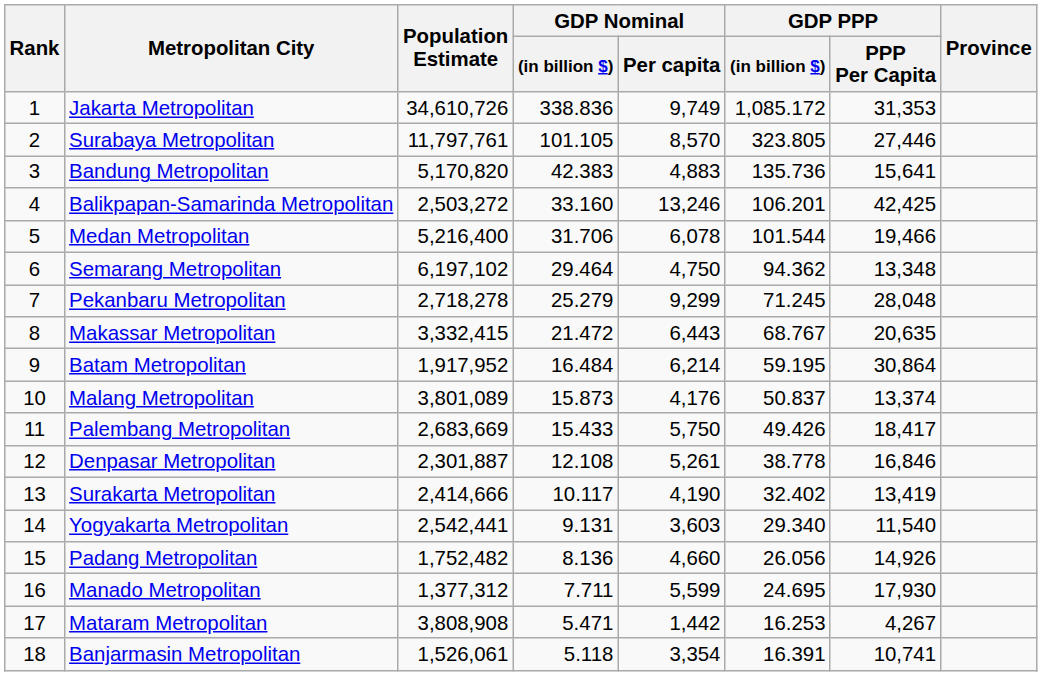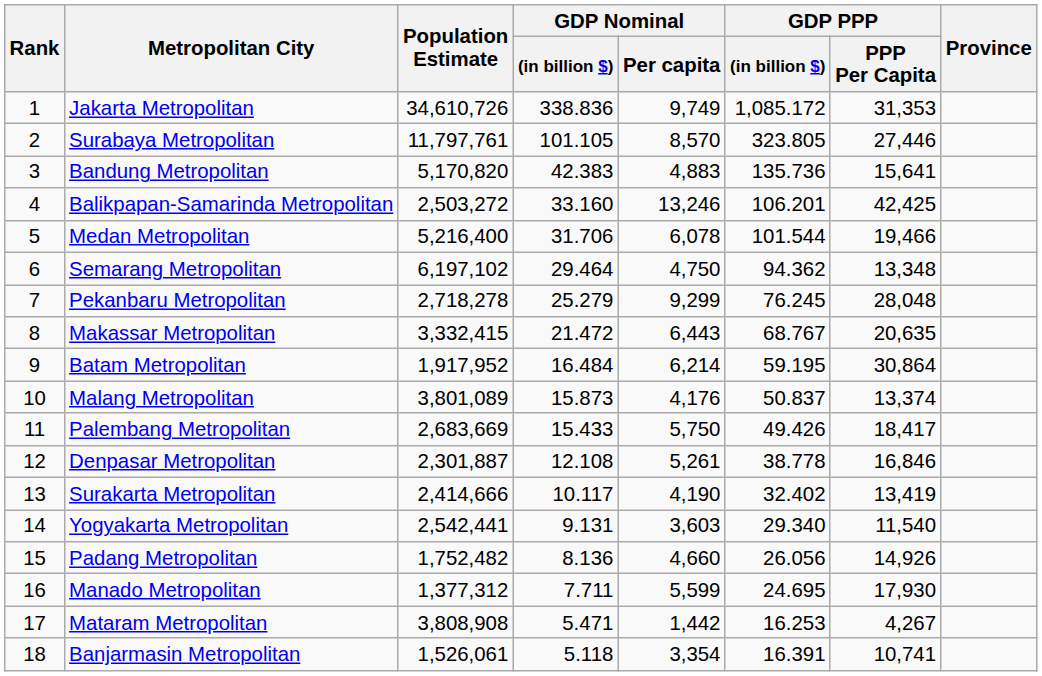 <table class="wikitable sortable sticky-header-multi" style="text-align:center; font-size:85%;">
 <tr>
 <th rowspan="2">Rank</th>
 <th rowspan="2">Metropolitan City</th>
 <th rowspan="2">Population <br>Estimate</th>
 <th scope="col" colspan="2">GDP Nominal</th>
 <th scope="col" colspan="2">GDP PPP</th>
 <th rowspan="2">Province</th>
 </tr>
 <tr>
 <th scope="col"><small>(in billion <a href='#'>$</a>)</small></th>
 <th>Per capita</th>
 <th scope="col"><small>(in billion <a href='#'>$</a>)</small></th>
 <th>PPP <br>Per Capita</th>
 </tr>
 <tr>
 <td>1</td>
 <td ! scope="row" style="text-align: left; font-weight: normal;"><a href='#'>Jakarta Metropolitan</a></td>
 <td align=right>34,610,726</td>
 <td align=right>338.836</td>
 <td align="right">9,749</td>
 <td align="right">1,085.172</td>
 <td align="right">31,353</td>
 <td></td>
 </tr>
 <tr>
 <td>2</td>
 <td ! scope="row" style="text-align: left; font-weight: normal;"><a href='#'>Surabaya Metropolitan</a></td>
 <td align=right>11,797,761</td>
 <td align=right>101.105</td>
 <td align="right">8,570</td>
 <td align="right">323.805</td>
 <td align="right">27,446</td>
 <td></td>
 </tr>
 <tr>
 <td>3</td>
 <td ! scope="row" style="text-align: left; font-weight: normal;"><a href='#'>Bandung Metropolitan</a></td>
 <td align=right>5,170,820</td>
 <td align=right>42.383</td>
 <td align="right">4,883</td>
 <td align="right">135.736</td>
 <td align="right">15,641</td>
 <td></td>
 </tr>
 <tr>
 <td>4</td>
 <td ! scope="row" style="text-align: left; font-weight: normal;"><a href='#'>Balikpapan-Samarinda Metropolitan</a></td>
 <td align=right>2,503,272</td>
 <td align=right>33.160</td>
 <td align=right>13,246</td>
 <td align=right>106.201</td>
 <td align=right>42,425</td>
 <td></td>
 </tr>
 <tr>
 <td>5</td>
 <td ! scope="row" style="text-align: left; font-weight: normal;"><a href='#'>Medan Metropolitan</a></td>
 <td align=right>5,216,400</td>
 <td align=right>31.706</td>
 <td align="right">6,078</td>
 <td align="right">101.544</td>
 <td align="right">19,466</td>
 <td></td>
 </tr>
 <tr>
 <td>6</td>
 <td ! scope="row" style="text-align: left; font-weight: normal;"><a href='#'>Semarang Metropolitan</a></td>
 <td align=right>6,197,102</td>
 <td align=right>29.464</td>
 <td align="right">4,750</td>
 <td align="right">94.362</td>
 <td align="right">13,348</td>
 <td></td>
 </tr>
 <tr>
 <td>7</td>
 <td ! scope="row" style="text-align: left; font-weight: normal;"><a href='#'>Pekanbaru Metropolitan</a></td>
 <td align=right>2,718,278</td>
 <td align=right>25.279</td>
 <td align=right>9,299</td>
-<td align=right>71.245</td>
+<td align=right>76.245</td>
 <td align=right>28,048</td>
 <td></td>
 </tr>
 <tr>
 <td>8</td>
 <td ! scope="row" style="text-align: left; font-weight: normal;"><a href='#'>Makassar Metropolitan</a></td>
 <td align=right>3,332,415</td>
 <td align=right>21.472</td>
 <td align="right">6,443</td>
 <td align="right">68.767</td>
 <td align="right">20,635</td>
 <td></td>
 </tr>
 <tr>
 <td>9</td>
 <td ! scope="row" style="text-align: left; font-weight: normal;"><a href='#'>Batam Metropolitan</a></td>
 <td align=right>1,917,952</td>
 <td align=right>16.484</td>
 <td align="right">6,214</td>
 <td align="right">59.195</td>
 <td align="right">30,864</td>
 <td></td>
 </tr>
 <tr>
 <td>10</td>
 <td ! scope="row" style="text-align: left; font-weight: normal;"><a href='#'>Malang Metropolitan</a></td>
 <td align=right>3,801,089</td>
 <td align=right>15.873</td>
 <td align="right">4,176</td>
 <td align="right">50.837</td>
 <td align="right">13,374</td>
 <td></td>
 </tr>
 <tr>
 <td>11</td>
 <td ! scope="row" style="text-align: left; font-weight: normal;"><a href='#'>Palembang Metropolitan</a></td>
 <td align=right>2,683,669</td>
 <td align=right>15.433</td>
 <td align="right">5,750</td>
 <td align="right">49.426</td>
 <td align="right">18,417</td>
 <td></td>
 </tr>
 <tr>
 <td>12</td>
 <td ! scope="row" style="text-align: left; font-weight: normal;"><a href='#'>Denpasar Metropolitan</a></td>
 <td align=right>2,301,887</td>
 <td align=right>12.108</td>
 <td align=right>5,261</td>
 <td align=right>38.778</td>
 <td align=right>16,846</td>
 <td></td>
 </tr>
 <tr>
 <td>13</td>
 <td ! scope="row" style="text-align: left; font-weight: normal;"><a href='#'>Surakarta Metropolitan</a></td>
 <td align=right>2,414,666</td>
 <td align=right>10.117</td>
 <td align=right>4,190</td>
 <td align=right>32.402</td>
 <td align=right>13,419</td>
 <td></td>
 </tr>
 <tr>
 <td>14</td>
 <td ! scope="row" style="text-align: left; font-weight: normal;"><a href='#'>Yogyakarta Metropolitan</a></td>
 <td align=right>2,542,441</td>
 <td align=right>9.131</td>
 <td align=right>3,603</td>
 <td align=right>29.340</td>
 <td align=right>11,540</td>
 <td></td>
 </tr>
 <tr>
 <td>15</td>
 <td ! scope="row" style="text-align: left; font-weight: normal;"><a href='#'>Padang Metropolitan</a></td>
 <td align=right>1,752,482</td>
 <td align=right>8.136</td>
 <td align="right">4,660</td>
 <td align="right">26.056</td>
 <td align="right">14,926</td>
 <td></td>
 </tr>
 <tr>
 <td>16</td>
 <td ! scope="row" style="text-align: left; font-weight: normal;"><a href='#'>Manado Metropolitan</a></td>
 <td align=right>1,377,312</td>
 <td align=right>7.711</td>
 <td align="right">5,599</td>
 <td align="right">24.695</td>
 <td align="right">17,930</td>
 <td></td>
 </tr>
 <tr>
 <td>17</td>
 <td ! scope="row" style="text-align: left; font-weight: normal;"><a href='#'>Mataram  Metropolitan</a></td>
 <td align=right>3,808,908</td>
 <td align=right>5.471</td>
 <td align=right>1,442</td>
 <td align=right>16.253</td>
 <td align=right>4,267</td>
 <td></td>
 </tr>
 <tr>
 <td>18</td>
 <td ! scope="row" style="text-align: left; font-weight: normal;"><a href='#'>Banjarmasin Metropolitan</a></td>
 <td align=right>1,526,061</td>
 <td align=right>5.118</td>
 <td align=right>3,354</td>
 <td align=right>16.391</td>
 <td align=right>10,741</td>
 <td></td>
 </tr>
 </table>
